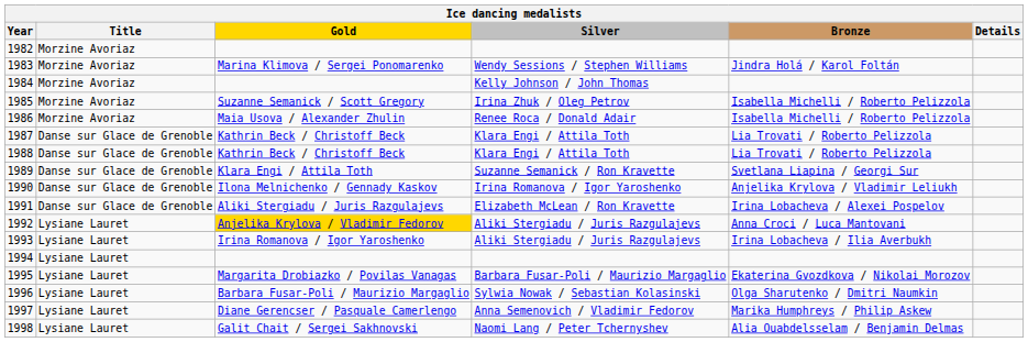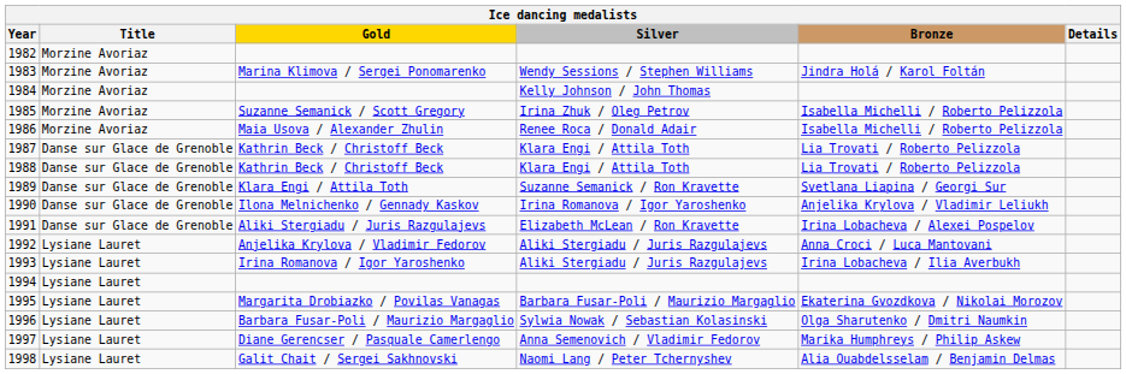 <table class="wikitable">
 <tr>
 <th colspan=6 align=center>Ice dancing medalists</th>
 </tr>
 <tr>
 <th>Year</th>
 <th>Title</th>
 <td align=center bgcolor=gold><strong>Gold</strong></td>
 <td align=center bgcolor=silver><strong>Silver</strong></td>
 <td align=center bgcolor=cc9966><strong>Bronze</strong></td>
 <th>Details</th>
 </tr>
 <tr>
 <td>1982</td>
 <td>Morzine Avoriaz</td>
 <td></td>
 <td></td>
 <td></td>
 <td></td>
 </tr>
 <tr>
 <td>1983</td>
 <td>Morzine Avoriaz</td>
 <td> <a href='#'>Marina Klimova</a> / <a href='#'>Sergei Ponomarenko</a></td>
 <td> <a href='#'>Wendy Sessions</a> / <a href='#'>Stephen Williams</a></td>
 <td> <a href='#'>Jindra Holá</a> / <a href='#'>Karol Foltán</a></td>
 <td></td>
 </tr>
 <tr>
 <td>1984</td>
 <td>Morzine Avoriaz</td>
 <td></td>
 <td> <a href='#'>Kelly Johnson</a> / <a href='#'>John Thomas</a></td>
 <td></td>
 <td></td>
 </tr>
 <tr>
 <td>1985</td>
 <td>Morzine Avoriaz</td>
 <td> <a href='#'>Suzanne Semanick</a> / <a href='#'>Scott Gregory</a></td>
 <td> <a href='#'>Irina Zhuk</a> / <a href='#'>Oleg Petrov</a></td>
 <td> <a href='#'>Isabella Michelli</a> / <a href='#'>Roberto Pelizzola</a></td>
 <td></td>
 </tr>
 <tr>
 <td>1986</td>
 <td>Morzine Avoriaz</td>
 <td> <a href='#'>Maia Usova</a> / <a href='#'>Alexander Zhulin</a></td>
 <td> <a href='#'>Renee Roca</a> / <a href='#'>Donald Adair</a></td>
 <td> <a href='#'>Isabella Michelli</a> / <a href='#'>Roberto Pelizzola</a></td>
 <td></td>
 </tr>
 <tr>
 <td>1987</td>
 <td>Danse sur Glace de Grenoble</td>
 <td> <a href='#'>Kathrin Beck</a> / <a href='#'>Christoff Beck</a></td>
 <td> <a href='#'>Klara Engi</a> / <a href='#'>Attila Toth</a></td>
 <td> <a href='#'>Lia Trovati</a> / <a href='#'>Roberto Pelizzola</a></td>
 <td></td>
 </tr>
 <tr>
 <td>1988</td>
 <td>Danse sur Glace de Grenoble</td>
 <td> <a href='#'>Kathrin Beck</a> / <a href='#'>Christoff Beck</a></td>
 <td> <a href='#'>Klara Engi</a> / <a href='#'>Attila Toth</a></td>
 <td> <a href='#'>Lia Trovati</a> / <a href='#'>Roberto Pelizzola</a></td>
 <td></td>
 </tr>
 <tr>
 <td>1989</td>
 <td>Danse sur Glace de Grenoble</td>
 <td> <a href='#'>Klara Engi</a> / <a href='#'>Attila Toth</a></td>
 <td> <a href='#'>Suzanne Semanick</a> / <a href='#'>Ron Kravette</a></td>
 <td> <a href='#'>Svetlana Liapina</a> / <a href='#'>Georgi Sur</a></td>
 <td></td>
 </tr>
 <tr>
 <td>1990</td>
 <td>Danse sur Glace de Grenoble</td>
 <td> <a href='#'>Ilona Melnichenko</a> / <a href='#'>Gennady Kaskov</a></td>
 <td> <a href='#'>Irina Romanova</a> / <a href='#'>Igor Yaroshenko</a></td>
 <td> <a href='#'>Anjelika Krylova</a> / <a href='#'>Vladimir Leliukh</a></td>
 <td></td>
 </tr>
 <tr>
 <td>1991</td>
 <td>Danse sur Glace de Grenoble</td>
 <td> <a href='#'>Aliki Stergiadu</a> / <a href='#'>Juris Razgulajevs</a></td>
 <td> <a href='#'>Elizabeth McLean</a> / <a href='#'>Ron Kravette</a></td>
 <td> <a href='#'>Irina Lobacheva</a> / <a href='#'>Alexei Pospelov</a></td>
 <td></td>
 </tr>
 <tr>
 <td>1992</td>
 <td>Lysiane Lauret</td>
-<td style="background: gold;"> <a href='#'>Anjelika Krylova</a> / <a href='#'>Vladimir Fedorov</a></td>
+<td> <a href='#'>Anjelika Krylova</a> / <a href='#'>Vladimir Fedorov</a></td>
 <td> <a href='#'>Aliki Stergiadu</a> / <a href='#'>Juris Razgulajevs</a></td>
 <td> <a href='#'>Anna Croci</a> / <a href='#'>Luca Mantovani</a></td>
 <td></td>
 </tr>
 <tr>
 <td>1993</td>
 <td>Lysiane Lauret</td>
 <td> <a href='#'>Irina Romanova</a> / <a href='#'>Igor Yaroshenko</a></td>
 <td> <a href='#'>Aliki Stergiadu</a> / <a href='#'>Juris Razgulajevs</a></td>
 <td> <a href='#'>Irina Lobacheva</a> / <a href='#'>Ilia Averbukh</a></td>
 <td></td>
 </tr>
 <tr>
 <td>1994</td>
 <td>Lysiane Lauret</td>
 <td></td>
 <td></td>
 <td></td>
 <td></td>
 </tr>
 <tr>
 <td>1995</td>
 <td>Lysiane Lauret</td>
 <td> <a href='#'>Margarita Drobiazko</a> / <a href='#'>Povilas Vanagas</a></td>
 <td> <a href='#'>Barbara Fusar-Poli</a> / <a href='#'>Maurizio Margaglio</a></td>
 <td> <a href='#'>Ekaterina Gvozdkova</a> / <a href='#'>Nikolai Morozov</a></td>
 <td></td>
 </tr>
 <tr>
 <td>1996</td>
 <td>Lysiane Lauret</td>
 <td> <a href='#'>Barbara Fusar-Poli</a> / <a href='#'>Maurizio Margaglio</a></td>
 <td> <a href='#'>Sylwia Nowak</a> / <a href='#'>Sebastian Kolasinski</a></td>
 <td> <a href='#'>Olga Sharutenko</a> / <a href='#'>Dmitri Naumkin</a></td>
 <td></td>
 </tr>
 <tr>
 <td>1997</td>
 <td>Lysiane Lauret</td>
 <td> <a href='#'>Diane Gerencser</a> / <a href='#'>Pasquale Camerlengo</a></td>
 <td> <a href='#'>Anna Semenovich</a> / <a href='#'>Vladimir Fedorov</a></td>
 <td> <a href='#'>Marika Humphreys</a> / <a href='#'>Philip Askew</a></td>
 <td></td>
 </tr>
 <tr>
 <td>1998</td>
 <td>Lysiane Lauret</td>
 <td> <a href='#'>Galit Chait</a> / <a href='#'>Sergei Sakhnovski</a></td>
 <td> <a href='#'>Naomi Lang</a> / <a href='#'>Peter Tchernyshev</a></td>
 <td> <a href='#'>Alia Ouabdelsselam</a> / <a href='#'>Benjamin Delmas</a></td>
 <td></td>
 </tr>
 </table>
